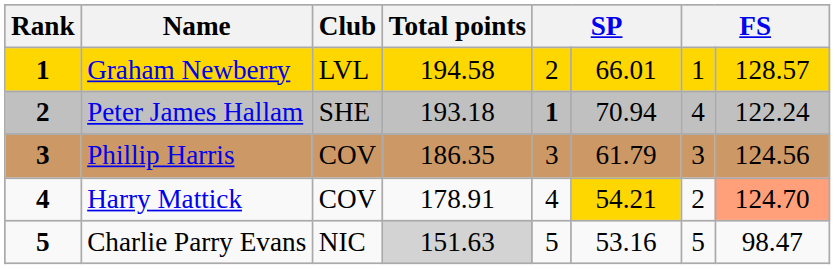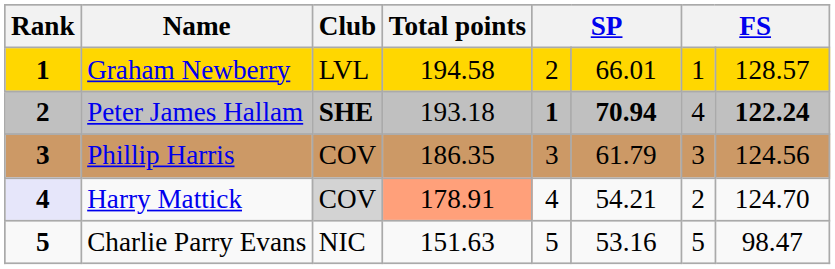 <table class="wikitable sortable">
 <tr>
 <th>Rank</th>
 <th>Name</th>
 <th>Club</th>
 <th>Total points</th>
 <th colspan="2" width="80px"><a href='#'>SP</a></th>
 <th colspan="2" width="80px"><a href='#'>FS</a></th>
 </tr>
 <tr bgcolor="gold">
 <td align="center"><strong>1</strong></td>
 <td><a href='#'>Graham Newberry</a></td>
 <td>LVL</td>
 <td align="center">194.58</td>
 <td align="center">2</td>
 <td align="center">66.01</td>
 <td align="center">1</td>
 <td align="center">128.57</td>
 </tr>
 <tr bgcolor="silver">
 <td align="center"><strong>2</strong></td>
 <td><a href='#'>Peter James Hallam</a></td>
-<td>SHE</td>
+<td><strong>SHE</strong></td>
 <td align="center">193.18</td>
 <td align="center"><strong>1</strong></td>
-<td align="center">70.94</td>
+<td align="center"><strong>70.94</strong></td>
 <td align="center">4</td>
-<td align="center">122.24</td>
+<td align="center"><strong>122.24</strong></td>
 </tr>
 <tr bgcolor="cc9966">
 <td align="center"><strong>3</strong></td>
 <td><a href='#'>Phillip Harris</a></td>
 <td>COV</td>
 <td align="center">186.35</td>
 <td align="center">3</td>
 <td align="center">61.79</td>
 <td align="center">3</td>
 <td align="center">124.56</td>
 </tr>
 <tr>
-<td align="center"><strong>4</strong></td>
+<td align="center" style="background: lavender;"><strong>4</strong></td>
 <td><a href='#'>Harry Mattick</a></td>
-<td>COV</td>
-<td align="center">178.91</td>
+<td style="background: lightgrey;">COV</td>
+<td align="center" style="background: lightsalmon;">178.91</td>
 <td align="center">4</td>
-<td align="center" style="background: gold;">54.21</td>
+<td align="center">54.21</td>
 <td align="center">2</td>
-<td align="center" style="background: lightsalmon;">124.70</td>
+<td align="center">124.70</td>
 </tr>
 <tr>
 <td align="center"><strong>5</strong></td>
 <td>Charlie Parry Evans</td>
 <td>NIC</td>
-<td align="center" style="background: lightgrey;">151.63</td>
+<td align="center">151.63</td>
 <td align="center">5</td>
 <td align="center">53.16</td>
 <td align="center">5</td>
 <td align="center">98.47</td>
 </tr>
 </table>
